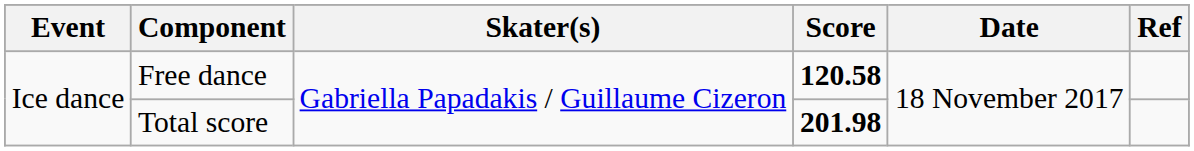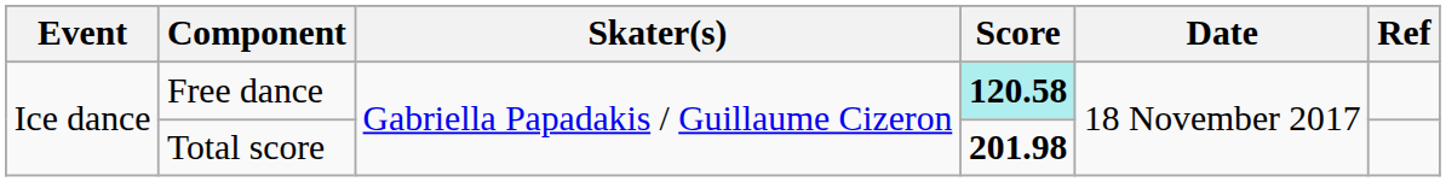 <table class="wikitable sortable">
 <tr>
 <th>Event</th>
 <th>Component</th>
 <th>Skater(s)</th>
 <th>Score</th>
 <th>Date</th>
 <th>Ref</th>
 </tr>
 <tr>
 <td rowspan=2>Ice dance</td>
 <td>Free dance</td>
 <td rowspan=2> <a href='#'>Gabriella Papadakis</a> / <a href='#'>Guillaume Cizeron</a></td>
-<td><strong>120.58</strong></td>
+<td style="background: paleturquoise;"><strong>120.58</strong></td>
 <td rowspan=2>18 November 2017</td>
 <td></td>
 </tr>
 <tr>
 <td>Total score</td>
 <td><strong>201.98</strong></td>
 <td></td>
 </tr>
 </table>
